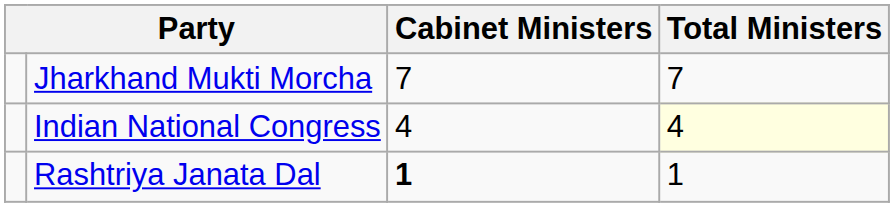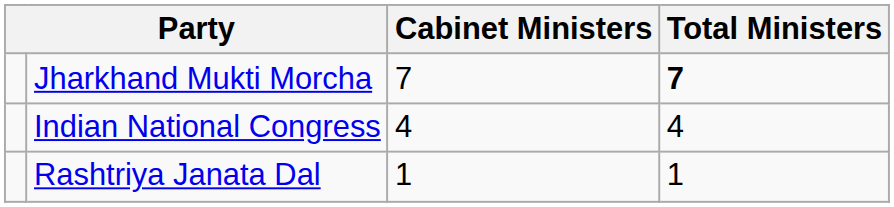 <table class="wikitable">
 <tr>
 <th colspan="2">Party</th>
 <th>Cabinet Ministers</th>
 <th>Total Ministers</th>
 </tr>
 <tr>
 <td width="4px"></td>
 <td><a href='#'>Jharkhand Mukti Morcha</a></td>
 <td>7</td>
-<td>7</td>
+<td><strong>7</strong></td>
 </tr>
 <tr>
 <td width="4px"></td>
 <td><a href='#'>Indian National Congress</a></td>
 <td>4</td>
-<td style="background: lightyellow;">4</td>
+<td>4</td>
 </tr>
 <tr>
 <td width="4px"></td>
 <td><a href='#'>Rashtriya Janata Dal</a></td>
-<td><strong>1</strong></td>
+<td>1</td>
 <td>1</td>
 </tr>
 </table>
